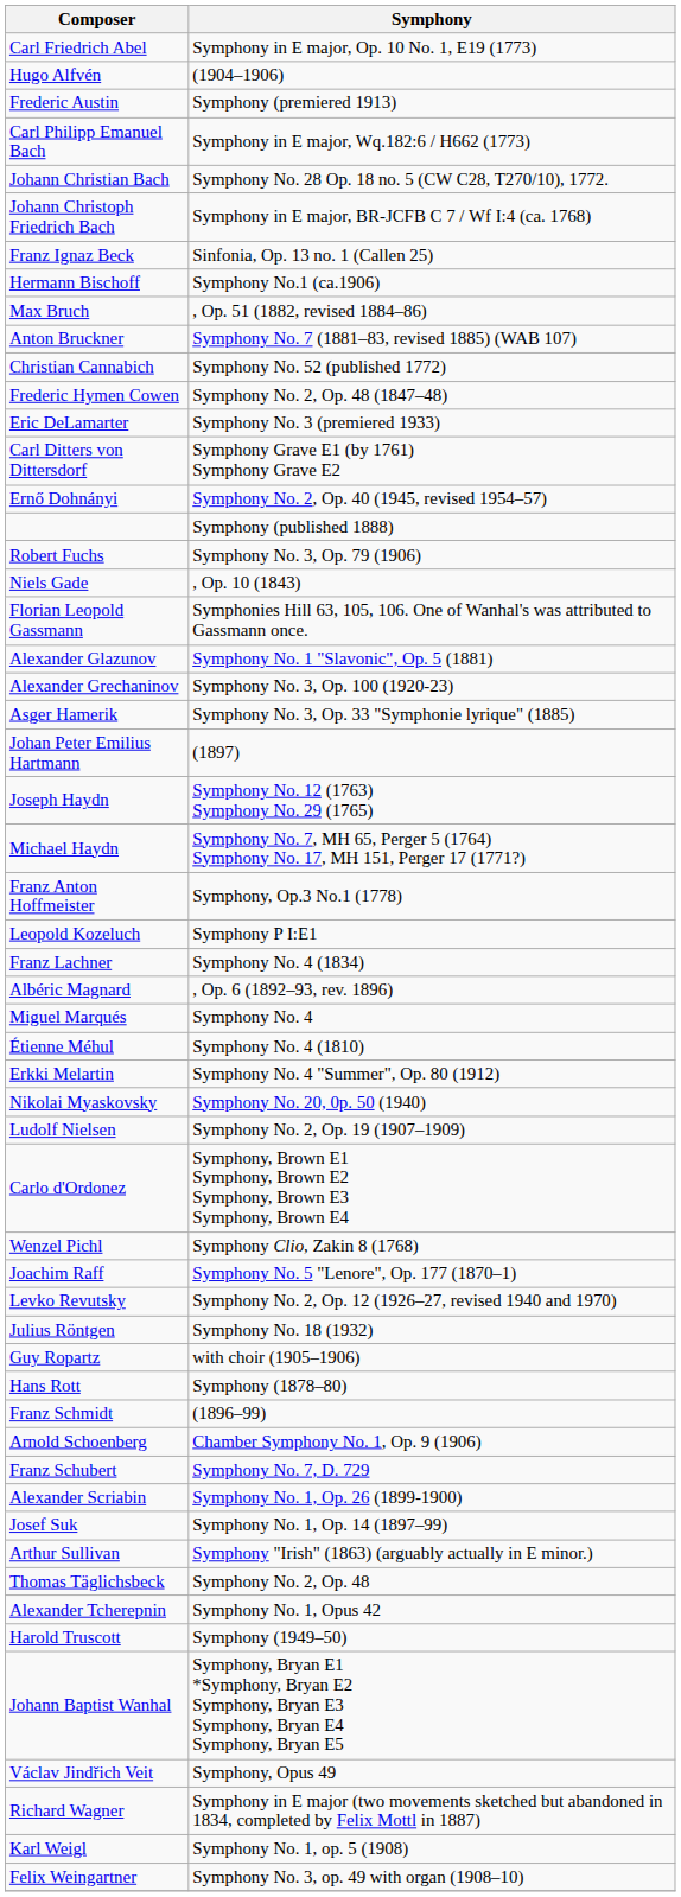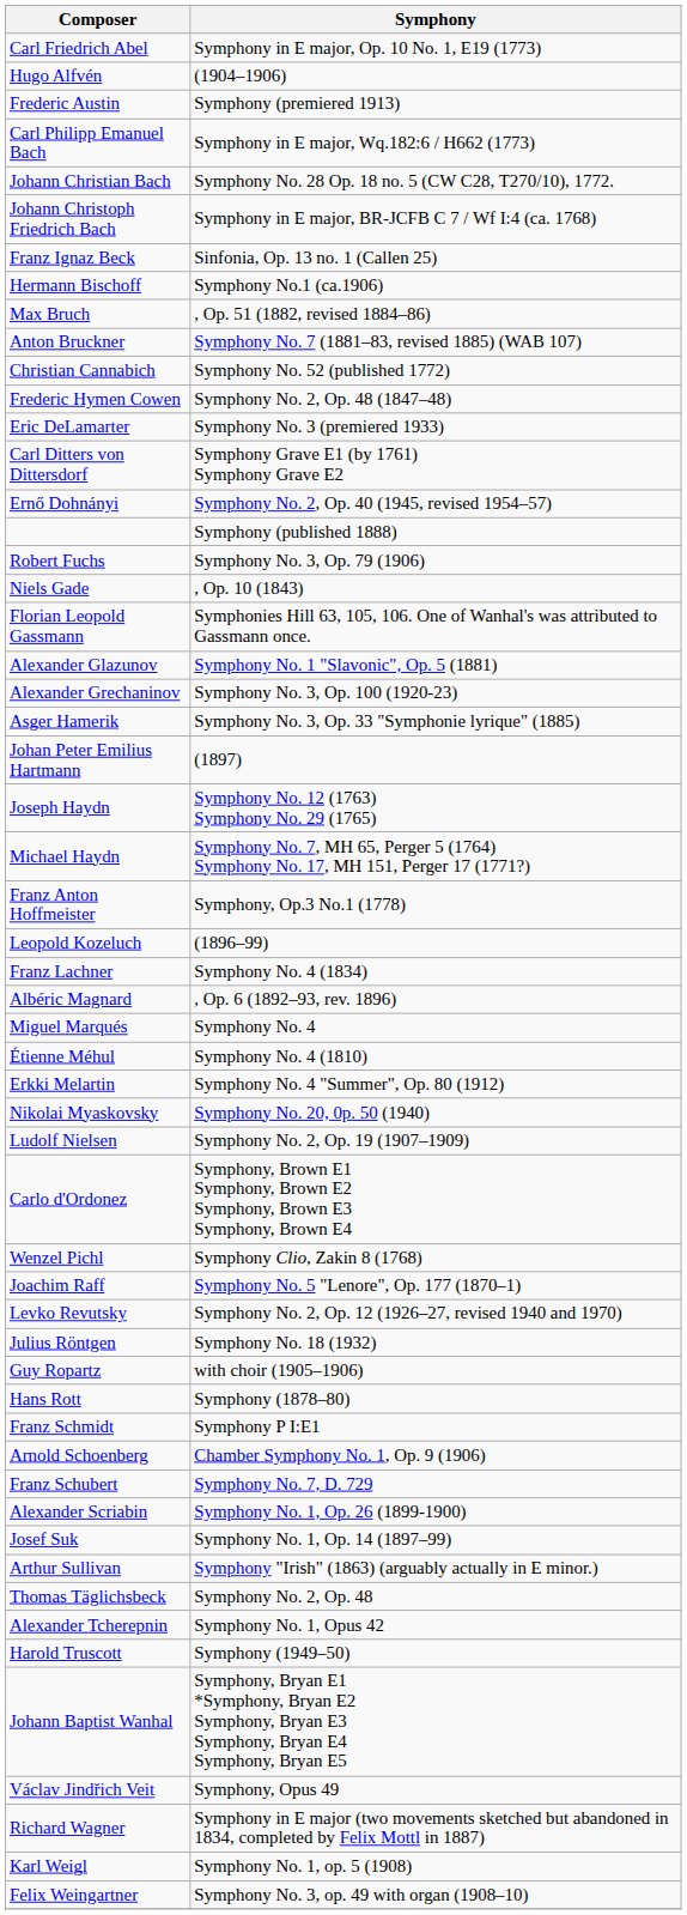 <table class="wikitable">
 <tr>
 <th>Composer</th>
 <th>Symphony</th>
 </tr>
 <tr>
 <td><a href='#'>Carl Friedrich Abel</a></td>
 <td>Symphony in E major, Op. 10 No. 1, E19 (1773)</td>
 </tr>
 <tr>
 <td><a href='#'>Hugo Alfvén</a></td>
 <td> (1904–1906)</td>
 </tr>
 <tr>
 <td><a href='#'>Frederic Austin</a></td>
 <td>Symphony (premiered 1913)</td>
 </tr>
 <tr>
 <td><a href='#'>Carl Philipp Emanuel Bach</a></td>
 <td>Symphony in E major, Wq.182:6 / H662 (1773)</td>
 </tr>
 <tr>
 <td><a href='#'>Johann Christian Bach</a></td>
 <td>Symphony No. 28 Op. 18 no. 5 (CW C28, T270/10), 1772.</td>
 </tr>
 <tr>
 <td><a href='#'>Johann Christoph Friedrich Bach</a></td>
 <td>Symphony in E major, BR-JCFB C 7 / Wf I:4 (ca. 1768)</td>
 </tr>
 <tr>
 <td><a href='#'>Franz Ignaz Beck</a></td>
 <td>Sinfonia, Op. 13 no. 1 (Callen 25)</td>
 </tr>
 <tr>
 <td><a href='#'>Hermann Bischoff</a></td>
 <td>Symphony No.1 (ca.1906)</td>
 </tr>
 <tr>
 <td><a href='#'>Max Bruch</a></td>
 <td>, Op. 51 (1882, revised 1884–86)</td>
 </tr>
 <tr>
 <td><a href='#'>Anton Bruckner</a></td>
 <td><a href='#'>Symphony No. 7</a> (1881–83, revised 1885) (WAB 107)</td>
 </tr>
 <tr>
 <td><a href='#'>Christian Cannabich</a></td>
 <td>Symphony No. 52 (published 1772)</td>
 </tr>
 <tr>
 <td><a href='#'>Frederic Hymen Cowen</a></td>
 <td>Symphony No. 2, Op. 48 (1847–48)</td>
 </tr>
 <tr>
 <td><a href='#'>Eric DeLamarter</a></td>
 <td>Symphony No. 3 (premiered 1933)</td>
 </tr>
 <tr>
 <td><a href='#'>Carl Ditters von Dittersdorf</a></td>
 <td>Symphony Grave E1 (by 1761)<br>Symphony Grave E2</td>
 </tr>
 <tr>
 <td><a href='#'>Ernő Dohnányi</a></td>
 <td><a href='#'>Symphony No. 2</a>, Op. 40 (1945, revised 1954–57)</td>
 </tr>
 <tr>
 <td></td>
 <td>Symphony (published 1888)</td>
 </tr>
 <tr>
 <td><a href='#'>Robert Fuchs</a></td>
 <td>Symphony No. 3, Op. 79 (1906) </td>
 </tr>
 <tr>
 <td><a href='#'>Niels Gade</a></td>
 <td>, Op. 10 (1843)</td>
 </tr>
 <tr>
 <td><a href='#'>Florian Leopold Gassmann</a></td>
 <td>Symphonies Hill 63, 105, 106. One of Wanhal's was attributed to Gassmann once.</td>
 </tr>
 <tr>
 <td><a href='#'>Alexander Glazunov</a></td>
 <td><a href='#'>Symphony No. 1 "Slavonic", Op. 5</a> (1881)</td>
 </tr>
 <tr>
 <td><a href='#'>Alexander Grechaninov</a></td>
 <td>Symphony No. 3, Op. 100 (1920-23)</td>
 </tr>
 <tr>
 <td><a href='#'>Asger Hamerik</a></td>
 <td>Symphony No. 3, Op. 33 "Symphonie lyrique" (1885)</td>
 </tr>
 <tr>
 <td><a href='#'>Johan Peter Emilius Hartmann</a></td>
 <td> (1897)</td>
 </tr>
 <tr>
 <td><a href='#'>Joseph Haydn</a></td>
 <td><a href='#'>Symphony No. 12</a> (1763)<br><a href='#'>Symphony No. 29</a> (1765)</td>
 </tr>
 <tr>
 <td><a href='#'>Michael Haydn</a></td>
 <td><a href='#'>Symphony No. 7</a>, MH 65, Perger 5 (1764)<br><a href='#'>Symphony No. 17</a>, MH 151, Perger 17 (1771?)</td>
 </tr>
 <tr>
 <td><a href='#'>Franz Anton Hoffmeister</a></td>
 <td>Symphony, Op.3 No.1 (1778) </td>
 </tr>
 <tr>
 <td><a href='#'>Leopold Kozeluch</a></td>
-<td>Symphony P I:E1</td>
+<td> (1896–99)</td>
 </tr>
 <tr>
 <td><a href='#'>Franz Lachner</a></td>
 <td>Symphony No. 4 (1834) </td>
 </tr>
 <tr>
 <td><a href='#'>Albéric Magnard</a></td>
 <td>, Op. 6 (1892–93, rev. 1896) </td>
 </tr>
 <tr>
 <td><a href='#'>Miguel Marqués</a></td>
 <td>Symphony No. 4</td>
 </tr>
 <tr>
 <td><a href='#'>Étienne Méhul</a></td>
 <td>Symphony No. 4 (1810)</td>
 </tr>
 <tr>
 <td><a href='#'>Erkki Melartin</a></td>
 <td>Symphony No. 4 "Summer", Op. 80 (1912)</td>
 </tr>
 <tr>
 <td><a href='#'>Nikolai Myaskovsky</a></td>
 <td><a href='#'>Symphony No. 20, 0p. 50</a> (1940) </td>
 </tr>
 <tr>
 <td><a href='#'>Ludolf Nielsen</a></td>
 <td>Symphony No. 2, Op. 19 (1907–1909)</td>
 </tr>
 <tr>
 <td><a href='#'>Carlo d'Ordonez</a></td>
 <td>Symphony, Brown E1<br>Symphony, Brown E2<br>Symphony, Brown E3<br>Symphony, Brown E4</td>
 </tr>
 <tr>
 <td><a href='#'>Wenzel Pichl</a></td>
 <td>Symphony <em>Clio</em>, Zakin 8 (1768)</td>
 </tr>
 <tr>
 <td><a href='#'>Joachim Raff</a></td>
 <td><a href='#'>Symphony No. 5</a> "Lenore", Op. 177 (1870–1)</td>
 </tr>
 <tr>
 <td><a href='#'>Levko Revutsky</a></td>
 <td>Symphony No. 2, Op. 12 (1926–27, revised 1940 and 1970)</td>
 </tr>
 <tr>
 <td><a href='#'>Julius Röntgen</a></td>
 <td>Symphony No. 18 (1932)</td>
 </tr>
 <tr>
 <td><a href='#'>Guy Ropartz</a></td>
 <td> with choir (1905–1906)</td>
 </tr>
 <tr>
 <td><a href='#'>Hans Rott</a></td>
 <td>Symphony (1878–80)</td>
 </tr>
 <tr>
 <td><a href='#'>Franz Schmidt</a></td>
-<td> (1896–99)</td>
+<td>Symphony P I:E1</td>
 </tr>
 <tr>
 <td><a href='#'>Arnold Schoenberg</a></td>
 <td><a href='#'>Chamber Symphony No. 1</a>, Op. 9 (1906)</td>
 </tr>
 <tr>
 <td><a href='#'>Franz Schubert</a></td>
 <td><a href='#'>Symphony No. 7, D. 729</a></td>
 </tr>
 <tr>
 <td><a href='#'>Alexander Scriabin</a></td>
 <td><a href='#'>Symphony No. 1, Op. 26</a> (1899-1900)</td>
 </tr>
 <tr>
 <td><a href='#'>Josef Suk</a></td>
 <td>Symphony No. 1, Op. 14 (1897–99)</td>
 </tr>
 <tr>
 <td><a href='#'>Arthur Sullivan</a></td>
 <td><a href='#'>Symphony</a> "Irish" (1863) (arguably actually in E minor.)</td>
 </tr>
 <tr>
 <td><a href='#'>Thomas Täglichsbeck</a></td>
 <td>Symphony No. 2, Op. 48</td>
 </tr>
 <tr>
 <td><a href='#'>Alexander Tcherepnin</a></td>
 <td>Symphony No. 1, Opus 42</td>
 </tr>
 <tr>
 <td><a href='#'>Harold Truscott</a></td>
 <td>Symphony (1949–50)</td>
 </tr>
 <tr>
 <td><a href='#'>Johann Baptist Wanhal</a></td>
 <td>Symphony, Bryan E1<br>*Symphony, Bryan E2<br>Symphony, Bryan E3<br>Symphony, Bryan E4<br>Symphony, Bryan E5</td>
 </tr>
 <tr>
 <td><a href='#'>Václav Jindřich Veit</a></td>
 <td>Symphony, Opus 49</td>
 </tr>
 <tr>
 <td><a href='#'>Richard Wagner</a></td>
 <td>Symphony in E major (two movements sketched but abandoned in 1834, completed by <a href='#'>Felix Mottl</a> in 1887)</td>
 </tr>
 <tr>
 <td><a href='#'>Karl Weigl</a></td>
 <td>Symphony No. 1, op. 5 (1908)</td>
 </tr>
 <tr>
 <td><a href='#'>Felix Weingartner</a></td>
 <td>Symphony No. 3, op. 49 with organ (1908–10)</td>
 </tr>
 <tr>
 </tr>
 </table>
